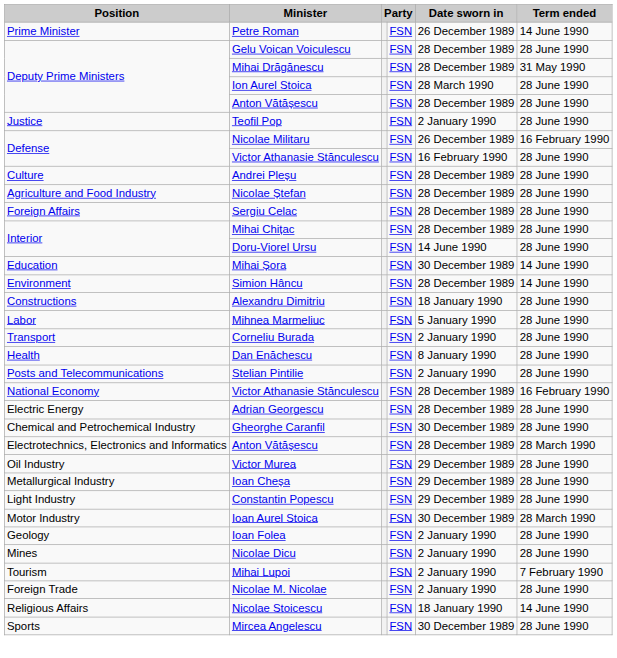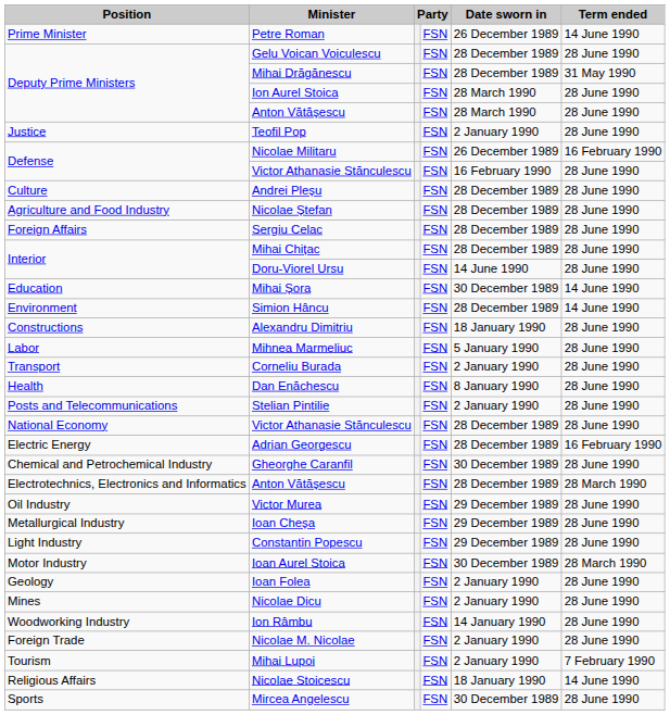 <table class="wikitable sortable">
 <tr>
 <th style="background:#ccc;">Position</th>
 <th style="background:#ccc;">Minister</th>
 <th style="background:#ccc;" colspan="2">Party</th>
 <th style="background:#ccc;">Date sworn in</th>
 <th style="background:#ccc;">Term ended</th>
 </tr>
 <tr>
 <td><a href='#'>Prime Minister</a></td>
 <td><a href='#'>Petre Roman</a></td>
 <th style="background-color: "></th>
 <td><a href='#'>FSN</a></td>
 <td>26 December 1989</td>
 <td>14 June 1990</td>
 </tr>
 <tr>
 <td rowspan=4><a href='#'>Deputy Prime Ministers</a></td>
 <td><a href='#'>Gelu Voican Voiculescu</a></td>
 <th style="background-color: "></th>
 <td><a href='#'>FSN</a></td>
 <td>28 December 1989</td>
 <td>28 June 1990</td>
 </tr>
 <tr>
 <td><a href='#'>Mihai Drăgănescu</a></td>
 <th style="background-color: "></th>
 <td><a href='#'>FSN</a></td>
 <td>28 December 1989</td>
 <td>31 May 1990</td>
 </tr>
 <tr>
 <td><a href='#'>Ion Aurel Stoica</a></td>
 <th style="background-color: "></th>
 <td><a href='#'>FSN</a></td>
 <td>28 March 1990</td>
 <td>28 June 1990</td>
 </tr>
 <tr>
 <td><a href='#'>Anton Vătășescu</a></td>
 <th style="background-color: "></th>
 <td><a href='#'>FSN</a></td>
-<td>28 December 1989</td>
+<td>28 March 1990</td>
 <td>28 June 1990</td>
 </tr>
 <tr>
 <td><a href='#'>Justice</a></td>
 <td><a href='#'>Teofil Pop</a></td>
 <th style="background-color: "></th>
 <td><a href='#'>FSN</a></td>
 <td>2 January 1990</td>
 <td>28 June 1990</td>
 </tr>
 <tr>
 <td rowspan=2><a href='#'>Defense</a></td>
 <td><a href='#'>Nicolae Militaru</a></td>
 <th style="background-color: "></th>
 <td><a href='#'>FSN</a></td>
 <td>26 December 1989</td>
 <td>16 February 1990</td>
 </tr>
 <tr>
 <td><a href='#'>Victor Athanasie Stănculescu</a></td>
 <th style="background-color: "></th>
 <td><a href='#'>FSN</a></td>
 <td>16 February 1990</td>
 <td>28 June 1990</td>
 </tr>
 <tr>
 <td><a href='#'>Culture</a></td>
 <td><a href='#'>Andrei Pleșu</a></td>
 <th style="background-color: "></th>
 <td><a href='#'>FSN</a></td>
 <td>28 December 1989</td>
 <td>28 June 1990</td>
 </tr>
 <tr>
 <td><a href='#'>Agriculture and Food Industry</a></td>
 <td><a href='#'>Nicolae Ștefan</a></td>
 <th style="background-color: "></th>
 <td><a href='#'>FSN</a></td>
 <td>28 December 1989</td>
 <td>28 June 1990</td>
 </tr>
 <tr>
 <td><a href='#'>Foreign Affairs</a></td>
 <td><a href='#'>Sergiu Celac</a></td>
 <th style="background-color: "></th>
 <td><a href='#'>FSN</a></td>
 <td>28 December 1989</td>
 <td>28 June 1990</td>
 </tr>
 <tr>
 <td rowspan=2><a href='#'>Interior</a></td>
 <td><a href='#'>Mihai Chițac</a></td>
 <th style="background-color: "></th>
 <td><a href='#'>FSN</a></td>
 <td>28 December 1989</td>
 <td>28 June 1990</td>
 </tr>
 <tr>
 <td><a href='#'>Doru-Viorel Ursu</a></td>
 <th style="background-color: "></th>
 <td><a href='#'>FSN</a></td>
 <td>14 June 1990</td>
 <td>28 June 1990</td>
 </tr>
 <tr>
 <td><a href='#'>Education</a></td>
 <td><a href='#'>Mihai Șora</a></td>
 <th style="background-color: "></th>
 <td><a href='#'>FSN</a></td>
 <td>30 December 1989</td>
 <td>14 June 1990</td>
 </tr>
 <tr>
 <td><a href='#'>Environment</a></td>
 <td><a href='#'>Simion Hâncu</a></td>
 <th style="background-color: "></th>
 <td><a href='#'>FSN</a></td>
 <td>28 December 1989</td>
 <td>14 June 1990</td>
 </tr>
 <tr>
 <td><a href='#'>Constructions</a></td>
 <td><a href='#'>Alexandru Dimitriu</a></td>
 <th style="background-color: "></th>
 <td><a href='#'>FSN</a></td>
 <td>18 January 1990</td>
 <td>28 June 1990</td>
 </tr>
 <tr>
 <td><a href='#'>Labor</a></td>
 <td><a href='#'>Mihnea Marmeliuc</a></td>
 <th style="background-color: "></th>
 <td><a href='#'>FSN</a></td>
 <td>5 January 1990</td>
 <td>28 June 1990</td>
 </tr>
 <tr>
 <td><a href='#'>Transport</a></td>
 <td><a href='#'>Corneliu Burada</a></td>
 <th style="background-color: "></th>
 <td><a href='#'>FSN</a></td>
 <td>2 January 1990</td>
 <td>28 June 1990</td>
 </tr>
 <tr>
 <td><a href='#'>Health</a></td>
 <td><a href='#'>Dan Enăchescu</a></td>
 <th style="background-color: "></th>
 <td><a href='#'>FSN</a></td>
 <td>8 January 1990</td>
 <td>28 June 1990</td>
 </tr>
 <tr>
 <td><a href='#'>Posts and Telecommunications</a></td>
 <td><a href='#'>Stelian Pintilie</a></td>
 <th style="background-color: "></th>
 <td><a href='#'>FSN</a></td>
 <td>2 January 1990</td>
 <td>28 June 1990</td>
 </tr>
 <tr>
 <td><a href='#'>National Economy</a></td>
 <td><a href='#'>Victor Athanasie Stănculescu</a></td>
 <th style="background-color: "></th>
 <td><a href='#'>FSN</a></td>
 <td>28 December 1989</td>
-<td>16 February 1990</td>
+<td>28 June 1990</td>
 </tr>
 <tr>
 <td>Electric Energy</td>
 <td><a href='#'>Adrian Georgescu</a></td>
 <th style="background-color: "></th>
 <td><a href='#'>FSN</a></td>
 <td>28 December 1989</td>
-<td>28 June 1990</td>
+<td>16 February 1990</td>
 </tr>
 <tr>
 <td>Chemical and Petrochemical Industry</td>
 <td><a href='#'>Gheorghe Caranfil</a></td>
 <th style="background-color: "></th>
 <td><a href='#'>FSN</a></td>
 <td>30 December 1989</td>
 <td>28 June 1990</td>
 </tr>
 <tr>
 <td>Electrotechnics, Electronics and Informatics</td>
 <td><a href='#'>Anton Vătășescu</a></td>
 <th style="background-color: "></th>
 <td><a href='#'>FSN</a></td>
 <td>28 December 1989</td>
 <td>28 March 1990</td>
 </tr>
 <tr>
 <td>Oil Industry</td>
 <td><a href='#'>Victor Murea</a></td>
 <th style="background-color: "></th>
 <td><a href='#'>FSN</a></td>
 <td>29 December 1989</td>
 <td>28 June 1990</td>
 </tr>
 <tr>
 <td>Metallurgical Industry</td>
 <td><a href='#'>Ioan Cheșa</a></td>
 <th style="background-color: "></th>
 <td><a href='#'>FSN</a></td>
 <td>29 December 1989</td>
 <td>28 June 1990</td>
 </tr>
 <tr>
 <td>Light Industry</td>
 <td><a href='#'>Constantin Popescu</a></td>
 <th style="background-color: "></th>
 <td><a href='#'>FSN</a></td>
 <td>29 December 1989</td>
 <td>28 June 1990</td>
 </tr>
 <tr>
 <td>Motor Industry</td>
 <td><a href='#'>Ioan Aurel Stoica</a></td>
 <th style="background-color: "></th>
 <td><a href='#'>FSN</a></td>
 <td>30 December 1989</td>
 <td>28 March 1990</td>
 </tr>
 <tr>
 <td>Geology</td>
 <td><a href='#'>Ioan Folea</a></td>
 <th style="background-color: "></th>
 <td><a href='#'>FSN</a></td>
 <td>2 January 1990</td>
 <td>28 June 1990</td>
 </tr>
 <tr>
 <td>Mines</td>
 <td><a href='#'>Nicolae Dicu</a></td>
 <th style="background-color: "></th>
 <td><a href='#'>FSN</a></td>
 <td>2 January 1990</td>
 <td>28 June 1990</td>
 </tr>
 <tr>
-<td>Tourism</td>
-<td><a href='#'>Mihai Lupoi</a></td>
+<td>Woodworking Industry</td>
+<td><a href='#'>Ion Râmbu</a></td>
 <th style="background-color: "></th>
 <td><a href='#'>FSN</a></td>
-<td>2 January 1990</td>
-<td>7 February 1990</td>
+<td>14 January 1990</td>
+<td>28 June 1990</td>
 </tr>
 <tr>
 <td>Foreign Trade</td>
 <td><a href='#'>Nicolae M. Nicolae</a></td>
 <th style="background-color: "></th>
 <td><a href='#'>FSN</a></td>
 <td>2 January 1990</td>
 <td>28 June 1990</td>
+</tr>
+<tr>
+<td>Tourism</td>
+<td><a href='#'>Mihai Lupoi</a></td>
+<th style="background-color: "></th>
+<td><a href='#'>FSN</a></td>
+<td>2 January 1990</td>
+<td>7 February 1990</td>
 </tr>
 <tr>
 <td>Religious Affairs</td>
 <td><a href='#'>Nicolae Stoicescu</a></td>
 <th style="background-color: "></th>
 <td><a href='#'>FSN</a></td>
 <td>18 January 1990</td>
 <td>14 June 1990</td>
 </tr>
 <tr>
 <td>Sports</td>
 <td><a href='#'>Mircea Angelescu</a></td>
 <th style="background-color: "></th>
 <td><a href='#'>FSN</a></td>
 <td>30 December 1989</td>
 <td>28 June 1990</td>
 </tr>
 </table>
